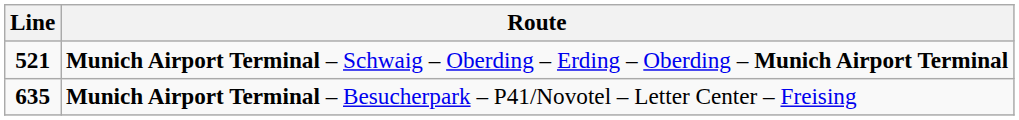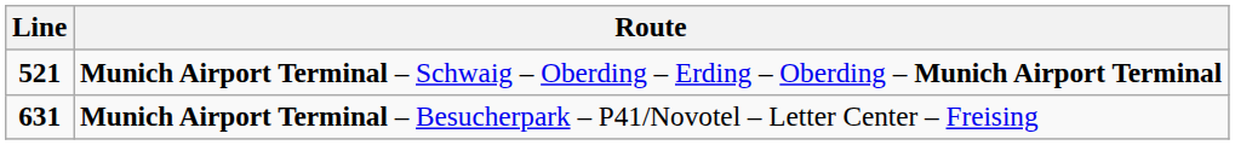 <table class="wikitable">
 <tr>
 <th>Line</th>
 <th>Route</th>
 </tr>
 <tr>
 <td align="center"><strong>521</strong></td>
 <td><strong>Munich Airport Terminal</strong> – <a href='#'>Schwaig</a> – <a href='#'>Oberding</a> – <a href='#'>Erding</a> – <a href='#'>Oberding</a> –  <strong>Munich Airport Terminal</strong></td>
 </tr>
 <tr>
-<td align="center"><strong>635</strong></td>
+<td align="center"><strong>631</strong></td>
 <td><strong>Munich Airport Terminal</strong> – <a href='#'>Besucherpark</a> – P41/Novotel – Letter Center – <a href='#'>Freising</a></td>
 </tr>
 </table>
